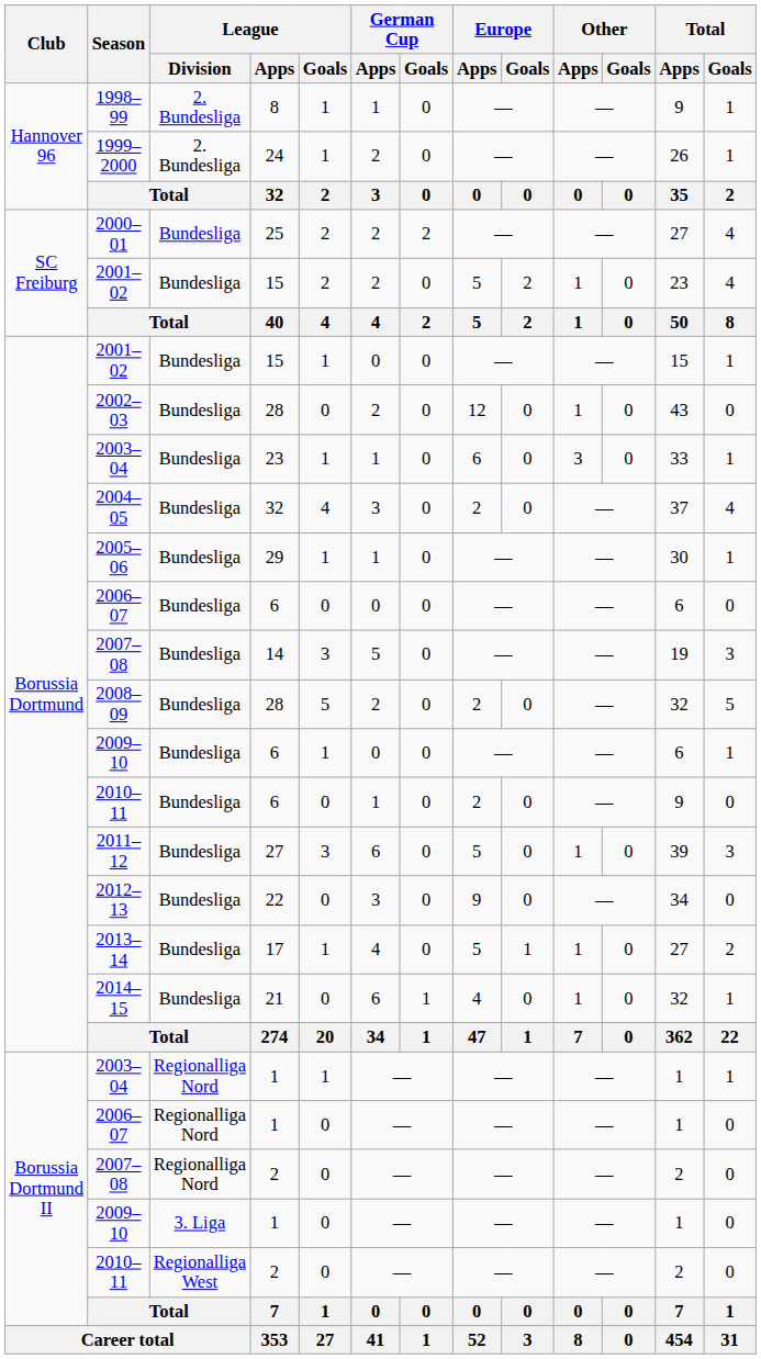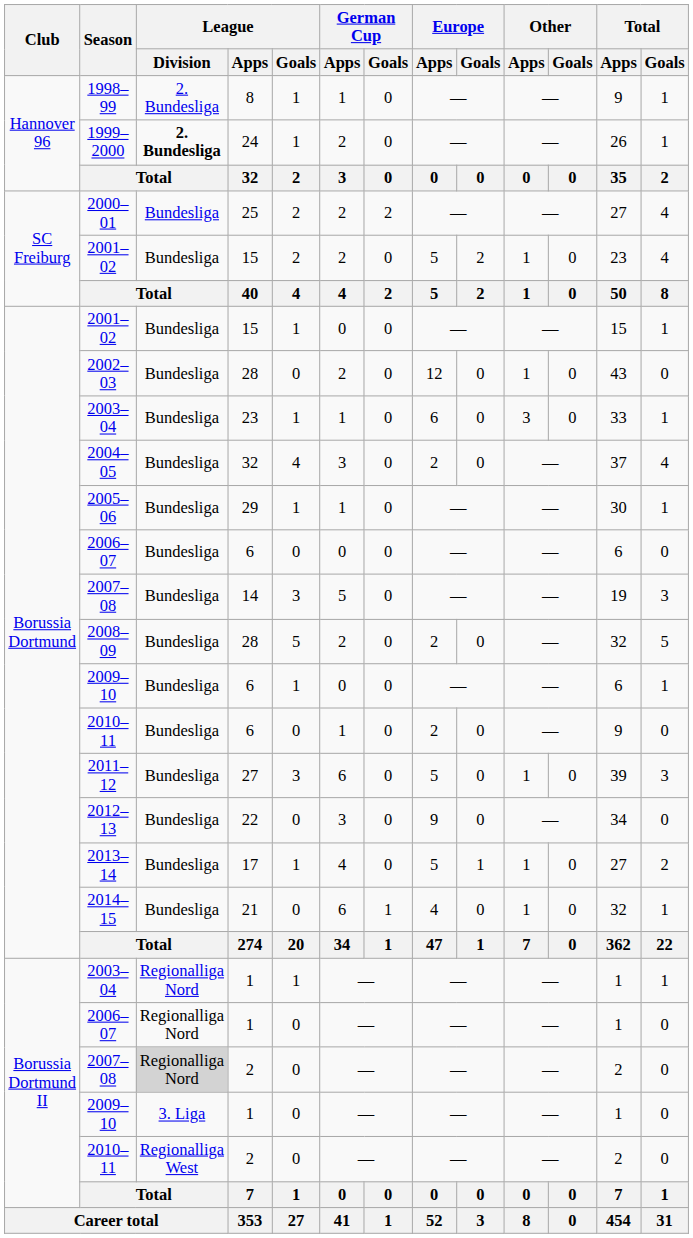 <table class="wikitable" style="text-align:center">
 <tr>
 <th rowspan="2">Club</th>
 <th rowspan="2">Season</th>
 <th colspan="3">League</th>
 <th colspan="2"><a href='#'>German Cup</a></th>
 <th colspan="2"><a href='#'>Europe</a></th>
 <th colspan="2">Other</th>
 <th colspan="2">Total</th>
 </tr>
 <tr>
 <th>Division</th>
 <th>Apps</th>
 <th>Goals</th>
 <th>Apps</th>
 <th>Goals</th>
 <th>Apps</th>
 <th>Goals</th>
 <th>Apps</th>
 <th>Goals</th>
 <th>Apps</th>
 <th>Goals</th>
 </tr>
 <tr>
 <td rowspan="3"><a href='#'>Hannover 96</a></td>
 <td><a href='#'>1998–99</a></td>
 <td><a href='#'>2. Bundesliga</a></td>
 <td>8</td>
 <td>1</td>
 <td>1</td>
 <td>0</td>
 <td colspan="2">—</td>
 <td colspan="2">—</td>
 <td>9</td>
 <td>1</td>
 </tr>
 <tr>
 <td><a href='#'>1999–2000</a></td>
-<td>2. Bundesliga</td>
+<td><strong>2. Bundesliga</strong></td>
 <td>24</td>
 <td>1</td>
 <td>2</td>
 <td>0</td>
 <td colspan="2">—</td>
 <td colspan="2">—</td>
 <td>26</td>
 <td>1</td>
 </tr>
 <tr>
 <th colspan="2">Total</th>
 <th>32</th>
 <th>2</th>
 <th>3</th>
 <th>0</th>
 <th>0</th>
 <th>0</th>
 <th>0</th>
 <th>0</th>
 <th>35</th>
 <th>2</th>
 </tr>
 <tr>
 <td rowspan="3"><a href='#'>SC Freiburg</a></td>
 <td><a href='#'>2000–01</a></td>
 <td><a href='#'>Bundesliga</a></td>
 <td>25</td>
 <td>2</td>
 <td>2</td>
 <td>2</td>
 <td colspan="2">—</td>
 <td colspan="2">—</td>
 <td>27</td>
 <td>4</td>
 </tr>
 <tr>
 <td><a href='#'>2001–02</a></td>
 <td>Bundesliga</td>
 <td>15</td>
 <td>2</td>
 <td>2</td>
 <td>0</td>
 <td>5</td>
 <td>2</td>
 <td>1</td>
 <td>0</td>
 <td>23</td>
 <td>4</td>
 </tr>
 <tr>
 <th colspan="2">Total</th>
 <th>40</th>
 <th>4</th>
 <th>4</th>
 <th>2</th>
 <th>5</th>
 <th>2</th>
 <th>1</th>
 <th>0</th>
 <th>50</th>
 <th>8</th>
 </tr>
 <tr>
 <td rowspan="15"><a href='#'>Borussia Dortmund</a></td>
 <td><a href='#'>2001–02</a></td>
 <td>Bundesliga</td>
 <td>15</td>
 <td>1</td>
 <td>0</td>
 <td>0</td>
 <td colspan="2">—</td>
 <td colspan="2">—</td>
 <td>15</td>
 <td>1</td>
 </tr>
 <tr>
 <td><a href='#'>2002–03</a></td>
 <td>Bundesliga</td>
 <td>28</td>
 <td>0</td>
 <td>2</td>
 <td>0</td>
 <td>12</td>
 <td>0</td>
 <td>1</td>
 <td>0</td>
 <td>43</td>
 <td>0</td>
 </tr>
 <tr>
 <td><a href='#'>2003–04</a></td>
 <td>Bundesliga</td>
 <td>23</td>
 <td>1</td>
 <td>1</td>
 <td>0</td>
 <td>6</td>
 <td>0</td>
 <td>3</td>
 <td>0</td>
 <td>33</td>
 <td>1</td>
 </tr>
 <tr>
 <td><a href='#'>2004–05</a></td>
 <td>Bundesliga</td>
 <td>32</td>
 <td>4</td>
 <td>3</td>
 <td>0</td>
 <td>2</td>
 <td>0</td>
 <td colspan="2">—</td>
 <td>37</td>
 <td>4</td>
 </tr>
 <tr>
 <td><a href='#'>2005–06</a></td>
 <td>Bundesliga</td>
 <td>29</td>
 <td>1</td>
 <td>1</td>
 <td>0</td>
 <td colspan="2">—</td>
 <td colspan="2">—</td>
 <td>30</td>
 <td>1</td>
 </tr>
 <tr>
 <td><a href='#'>2006–07</a></td>
 <td>Bundesliga</td>
 <td>6</td>
 <td>0</td>
 <td>0</td>
 <td>0</td>
 <td colspan="2">—</td>
 <td colspan="2">—</td>
 <td>6</td>
 <td>0</td>
 </tr>
 <tr>
 <td><a href='#'>2007–08</a></td>
 <td>Bundesliga</td>
 <td>14</td>
 <td>3</td>
 <td>5</td>
 <td>0</td>
 <td colspan="2">—</td>
 <td colspan="2">—</td>
 <td>19</td>
 <td>3</td>
 </tr>
 <tr>
 <td><a href='#'>2008–09</a></td>
 <td>Bundesliga</td>
 <td>28</td>
 <td>5</td>
 <td>2</td>
 <td>0</td>
 <td>2</td>
 <td>0</td>
 <td colspan="2">—</td>
 <td>32</td>
 <td>5</td>
 </tr>
 <tr>
 <td><a href='#'>2009–10</a></td>
 <td>Bundesliga</td>
 <td>6</td>
 <td>1</td>
 <td>0</td>
 <td>0</td>
 <td colspan="2">—</td>
 <td colspan="2">—</td>
 <td>6</td>
 <td>1</td>
 </tr>
 <tr>
 <td><a href='#'>2010–11</a></td>
 <td>Bundesliga</td>
 <td>6</td>
 <td>0</td>
 <td>1</td>
 <td>0</td>
 <td>2</td>
 <td>0</td>
 <td colspan="2">—</td>
 <td>9</td>
 <td>0</td>
 </tr>
 <tr>
 <td><a href='#'>2011–12</a></td>
 <td>Bundesliga</td>
 <td>27</td>
 <td>3</td>
 <td>6</td>
 <td>0</td>
 <td>5</td>
 <td>0</td>
 <td>1</td>
 <td>0</td>
 <td>39</td>
 <td>3</td>
 </tr>
 <tr>
 <td><a href='#'>2012–13</a></td>
 <td>Bundesliga</td>
 <td>22</td>
 <td>0</td>
 <td>3</td>
 <td>0</td>
 <td>9</td>
 <td>0</td>
 <td colspan="2">—</td>
 <td>34</td>
 <td>0</td>
 </tr>
 <tr>
 <td><a href='#'>2013–14</a></td>
 <td>Bundesliga</td>
 <td>17</td>
 <td>1</td>
 <td>4</td>
 <td>0</td>
 <td>5</td>
 <td>1</td>
 <td>1</td>
 <td>0</td>
 <td>27</td>
 <td>2</td>
 </tr>
 <tr>
 <td><a href='#'>2014–15</a></td>
 <td>Bundesliga</td>
 <td>21</td>
 <td>0</td>
 <td>6</td>
 <td>1</td>
 <td>4</td>
 <td>0</td>
 <td>1</td>
 <td>0</td>
 <td>32</td>
 <td>1</td>
 </tr>
 <tr>
 <th colspan="2">Total</th>
 <th>274</th>
 <th>20</th>
 <th>34</th>
 <th>1</th>
 <th>47</th>
 <th>1</th>
 <th>7</th>
 <th>0</th>
 <th>362</th>
 <th>22</th>
 </tr>
 <tr>
 <td rowspan="6"><a href='#'>Borussia Dortmund II</a></td>
 <td><a href='#'>2003–04</a></td>
 <td><a href='#'>Regionalliga Nord</a></td>
 <td>1</td>
 <td>1</td>
 <td colspan="2">—</td>
 <td colspan="2">—</td>
 <td colspan="2">—</td>
 <td>1</td>
 <td>1</td>
 </tr>
 <tr>
 <td><a href='#'>2006–07</a></td>
 <td>Regionalliga Nord</td>
 <td>1</td>
 <td>0</td>
 <td colspan="2">—</td>
 <td colspan="2">—</td>
 <td colspan="2">—</td>
 <td>1</td>
 <td>0</td>
 </tr>
 <tr>
 <td><a href='#'>2007–08</a></td>
-<td>Regionalliga Nord</td>
+<td style="background: lightgrey;">Regionalliga Nord</td>
 <td>2</td>
 <td>0</td>
 <td colspan="2">—</td>
 <td colspan="2">—</td>
 <td colspan="2">—</td>
 <td>2</td>
 <td>0</td>
 </tr>
 <tr>
 <td><a href='#'>2009–10</a></td>
 <td><a href='#'>3. Liga</a></td>
 <td>1</td>
 <td>0</td>
 <td colspan="2">—</td>
 <td colspan="2">—</td>
 <td colspan="2">—</td>
 <td>1</td>
 <td>0</td>
 </tr>
 <tr>
 <td><a href='#'>2010–11</a></td>
 <td><a href='#'>Regionalliga West</a></td>
 <td>2</td>
 <td>0</td>
 <td colspan="2">—</td>
 <td colspan="2">—</td>
 <td colspan="2">—</td>
 <td>2</td>
 <td>0</td>
 </tr>
 <tr>
 <th colspan="2">Total</th>
 <th>7</th>
 <th>1</th>
 <th>0</th>
 <th>0</th>
 <th>0</th>
 <th>0</th>
 <th>0</th>
 <th>0</th>
 <th>7</th>
 <th>1</th>
 </tr>
 <tr>
 <th colspan="3">Career total</th>
 <th>353</th>
 <th>27</th>
 <th>41</th>
 <th>1</th>
 <th>52</th>
 <th>3</th>
 <th>8</th>
 <th>0</th>
 <th>454</th>
 <th>31</th>
 </tr>
 </table>
